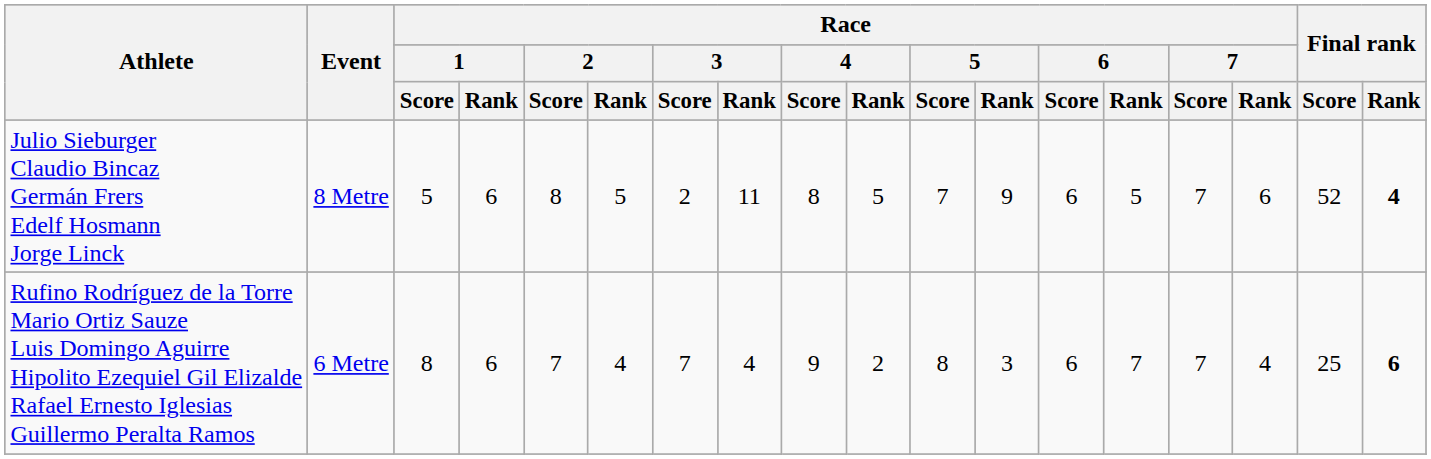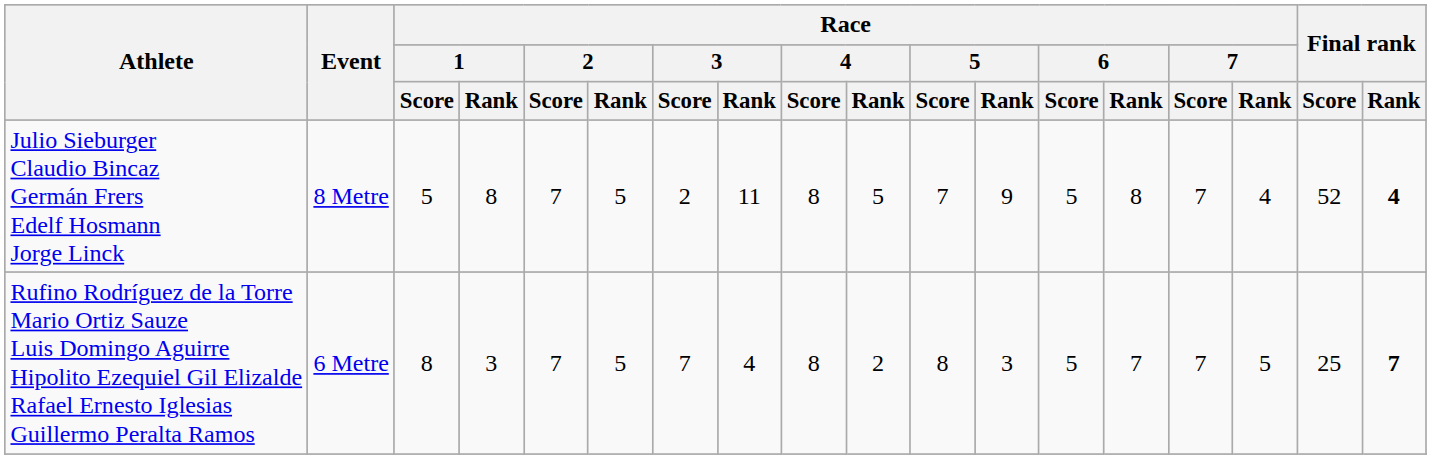 <table class="wikitable" style="font-size:90%">
 <tr>
 <th rowspan="3">Athlete</th>
 <th rowspan="3">Event</th>
 <th colspan="14">Race</th>
 <th rowspan=2 colspan="2">Final rank</th>
 </tr>
 <tr style="font-size:95%">
 <th colspan="2">1</th>
 <th colspan="2">2</th>
 <th colspan="2">3</th>
 <th colspan="2">4</th>
 <th colspan="2">5</th>
 <th colspan="2">6</th>
 <th colspan="2">7</th>
 </tr>
 <tr style="font-size:95%">
 <th>Score</th>
 <th>Rank</th>
 <th>Score</th>
 <th>Rank</th>
 <th>Score</th>
 <th>Rank</th>
 <th>Score</th>
 <th>Rank</th>
 <th>Score</th>
 <th>Rank</th>
 <th>Score</th>
 <th>Rank</th>
 <th>Score</th>
 <th>Rank</th>
 <th>Score</th>
 <th>Rank</th>
 </tr>
 <tr align=center>
 <td align=left><a href='#'>Julio Sieburger</a><br><a href='#'>Claudio Bincaz</a><br><a href='#'>Germán Frers</a><br><a href='#'>Edelf Hosmann</a><br><a href='#'>Jorge Linck</a></td>
 <td align=left><a href='#'>8 Metre</a></td>
 <td>5</td>
-<td>6</td>
 <td>8</td>
+<td>7</td>
 <td>5</td>
 <td>2</td>
 <td>11</td>
 <td>8</td>
 <td>5</td>
 <td>7</td>
 <td>9</td>
-<td>6</td>
 <td>5</td>
+<td>8</td>
 <td>7</td>
-<td>6</td>
+<td>4</td>
 <td>52</td>
 <td><strong>4</strong></td>
 </tr>
 <tr align=center>
 <td align=left><a href='#'>Rufino Rodríguez de la Torre</a><br><a href='#'>Mario Ortiz Sauze</a><br><a href='#'>Luis Domingo Aguirre</a><br><a href='#'>Hipolito Ezequiel Gil Elizalde</a><br><a href='#'>Rafael Ernesto Iglesias</a><br><a href='#'>Guillermo Peralta Ramos</a></td>
 <td align=left><a href='#'>6 Metre</a></td>
 <td>8</td>
-<td>6</td>
+<td>3</td>
+<td>7</td>
+<td>5</td>
 <td>7</td>
 <td>4</td>
-<td>7</td>
-<td>4</td>
-<td>9</td>
+<td>8</td>
 <td>2</td>
 <td>8</td>
 <td>3</td>
-<td>6</td>
+<td>5</td>
 <td>7</td>
 <td>7</td>
-<td>4</td>
+<td>5</td>
 <td>25</td>
-<td><strong>6</strong></td>
+<td><strong>7</strong></td>
 </tr>
 </table>
